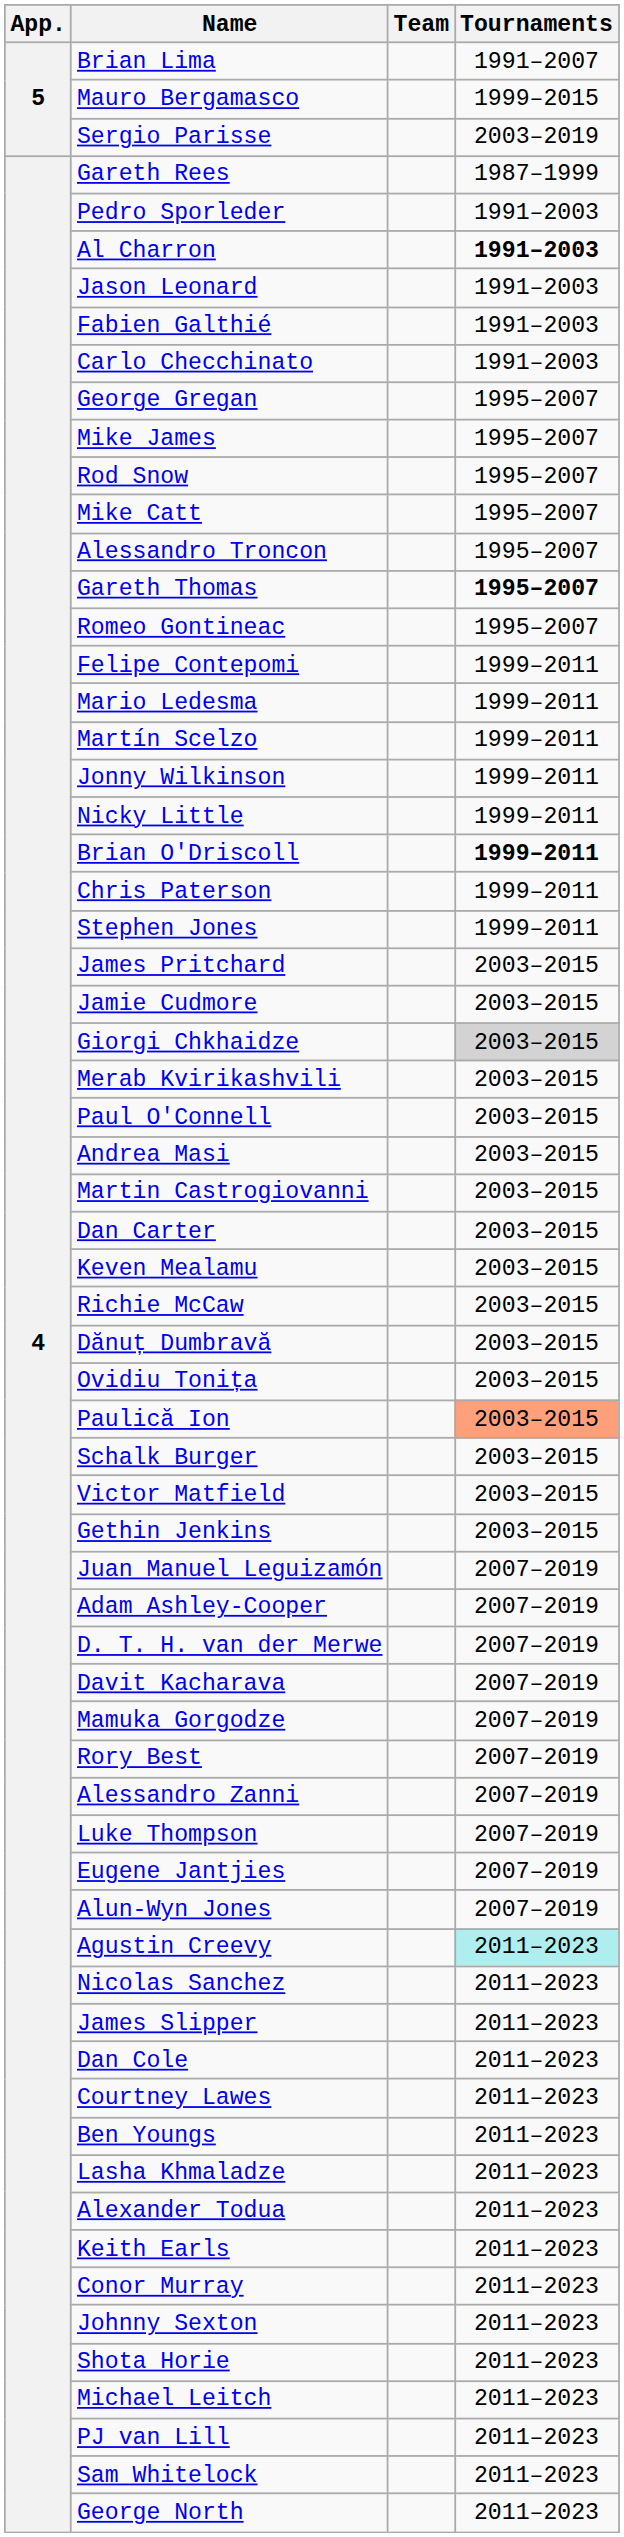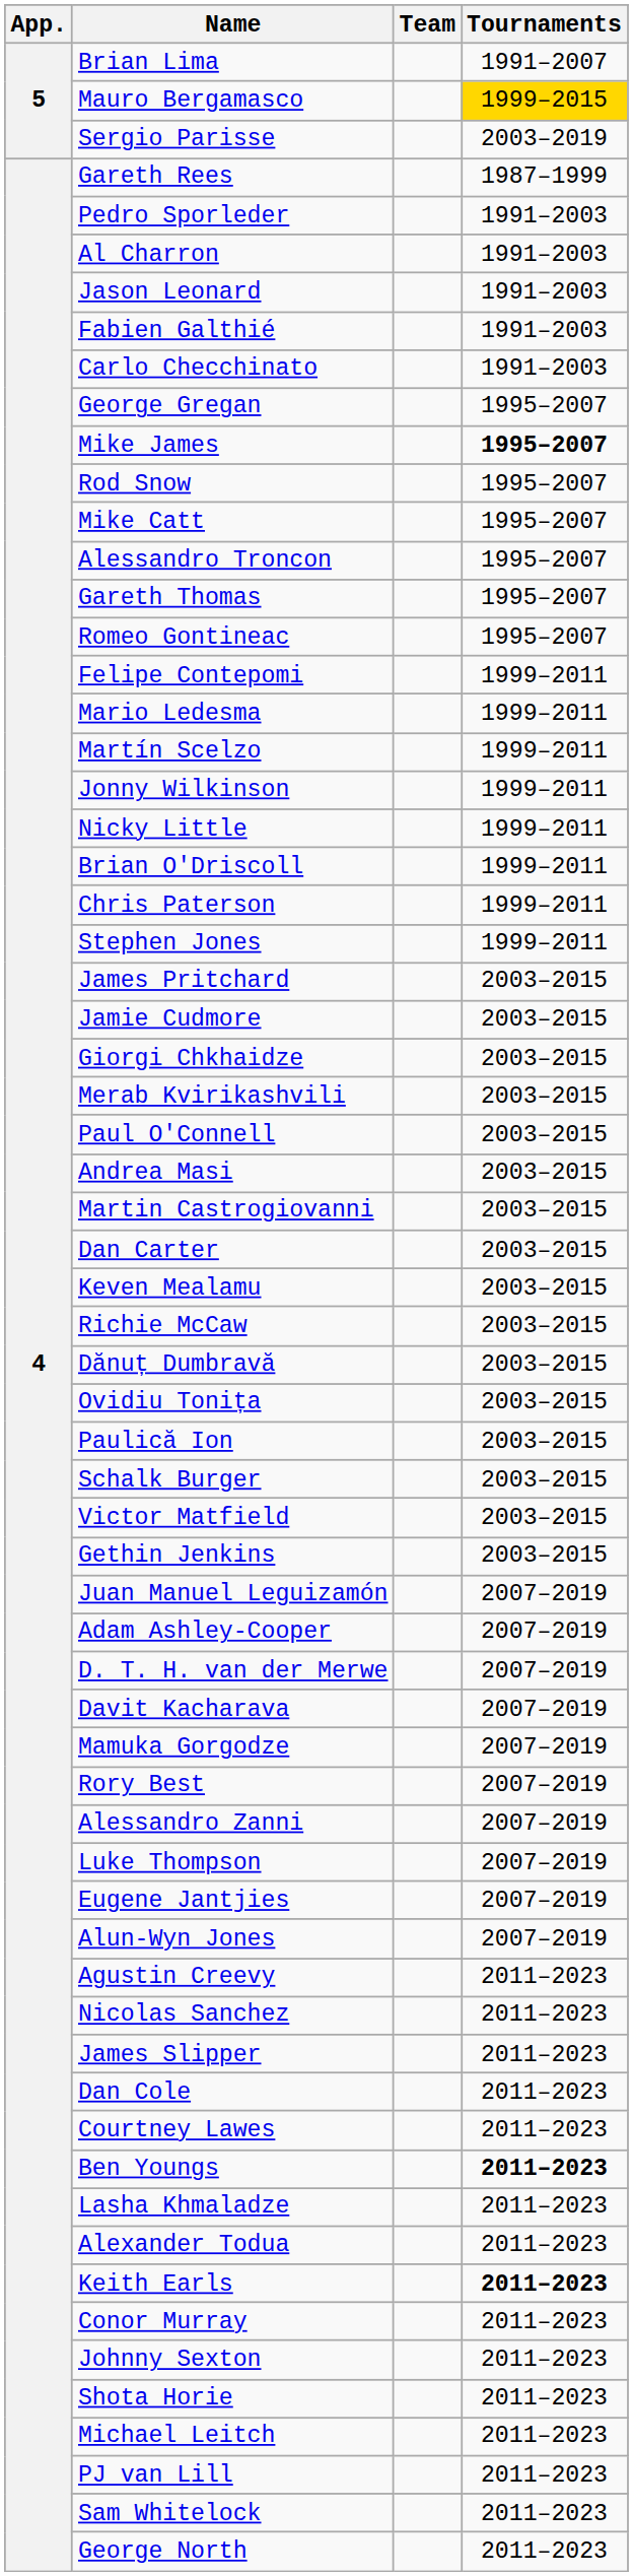 <table class="wikitable">
 <tr>
 <th>App.</th>
 <th>Name</th>
 <th>Team</th>
 <th>Tournaments</th>
 </tr>
 <tr>
 <th rowspan="3">5</th>
 <td><a href='#'>Brian Lima</a></td>
 <td></td>
 <td align=center>1991–2007</td>
 </tr>
 <tr>
 <td><a href='#'>Mauro Bergamasco</a></td>
 <td></td>
-<td align=center>1999–2015</td>
+<td align=center style="background: gold;">1999–2015</td>
 </tr>
 <tr>
 <td><a href='#'>Sergio Parisse</a></td>
 <td></td>
 <td align=center>2003–2019</td>
 </tr>
 <tr>
 <th rowspan="63">4</th>
 <td><a href='#'>Gareth Rees</a></td>
 <td></td>
 <td align=center>1987–1999</td>
 </tr>
 <tr>
 <td><a href='#'>Pedro Sporleder</a></td>
 <td></td>
 <td align=center>1991–2003</td>
 </tr>
 <tr>
 <td><a href='#'>Al Charron</a></td>
 <td></td>
-<td align=center><strong>1991–2003</strong></td>
+<td align=center>1991–2003</td>
 </tr>
 <tr>
 <td><a href='#'>Jason Leonard</a></td>
 <td></td>
 <td align=center>1991–2003</td>
 </tr>
 <tr>
 <td><a href='#'>Fabien Galthié</a></td>
 <td></td>
 <td align=center>1991–2003</td>
 </tr>
 <tr>
 <td><a href='#'>Carlo Checchinato</a></td>
 <td></td>
 <td align=center>1991–2003</td>
 </tr>
 <tr>
 <td><a href='#'>George Gregan</a></td>
 <td></td>
 <td align=center>1995–2007</td>
 </tr>
 <tr>
 <td><a href='#'>Mike James</a></td>
 <td></td>
-<td align=center>1995–2007</td>
+<td align=center><strong>1995–2007</strong></td>
 </tr>
 <tr>
 <td><a href='#'>Rod Snow</a></td>
 <td></td>
 <td align=center>1995–2007</td>
 </tr>
 <tr>
 <td><a href='#'>Mike Catt</a></td>
 <td></td>
 <td align=center>1995–2007</td>
 </tr>
 <tr>
 <td><a href='#'>Alessandro Troncon</a></td>
 <td></td>
 <td align=center>1995–2007</td>
 </tr>
 <tr>
 <td><a href='#'>Gareth Thomas</a></td>
 <td></td>
-<td align=center><strong>1995–2007</strong></td>
+<td align=center>1995–2007</td>
 </tr>
 <tr>
 <td><a href='#'>Romeo Gontineac</a></td>
 <td></td>
 <td align=center>1995–2007</td>
 </tr>
 <tr>
 <td><a href='#'>Felipe Contepomi</a></td>
 <td></td>
 <td align=center>1999–2011</td>
 </tr>
 <tr>
 <td><a href='#'>Mario Ledesma</a></td>
 <td></td>
 <td align=center>1999–2011</td>
 </tr>
 <tr>
 <td><a href='#'>Martín Scelzo</a></td>
 <td></td>
 <td align=center>1999–2011</td>
 </tr>
 <tr>
 <td><a href='#'>Jonny Wilkinson</a></td>
 <td></td>
 <td align=center>1999–2011</td>
 </tr>
 <tr>
 <td><a href='#'>Nicky Little</a></td>
 <td></td>
 <td align=center>1999–2011</td>
 </tr>
 <tr>
 <td><a href='#'>Brian O'Driscoll</a></td>
 <td></td>
-<td align=center><strong>1999–2011</strong></td>
+<td align=center>1999–2011</td>
 </tr>
 <tr>
 <td><a href='#'>Chris Paterson</a></td>
 <td></td>
 <td align=center>1999–2011</td>
 </tr>
 <tr>
 <td><a href='#'>Stephen Jones</a></td>
 <td></td>
 <td align=center>1999–2011</td>
 </tr>
 <tr>
 <td><a href='#'>James Pritchard</a></td>
 <td></td>
 <td align=center>2003–2015</td>
 </tr>
 <tr>
 <td><a href='#'>Jamie Cudmore</a></td>
 <td></td>
 <td align=center>2003–2015</td>
 </tr>
 <tr>
 <td><a href='#'>Giorgi Chkhaidze</a></td>
 <td></td>
-<td align=center style="background: lightgrey;">2003–2015</td>
+<td align=center>2003–2015</td>
 </tr>
 <tr>
 <td><a href='#'>Merab Kvirikashvili</a></td>
 <td></td>
 <td align=center>2003–2015</td>
 </tr>
 <tr>
 <td><a href='#'>Paul O'Connell</a></td>
 <td></td>
 <td align=center>2003–2015</td>
 </tr>
 <tr>
 <td><a href='#'>Andrea Masi</a></td>
 <td></td>
 <td align=center>2003–2015</td>
 </tr>
 <tr>
 <td><a href='#'>Martin Castrogiovanni</a></td>
 <td></td>
 <td align=center>2003–2015</td>
 </tr>
 <tr>
 <td><a href='#'>Dan Carter</a></td>
 <td></td>
 <td align=center>2003–2015</td>
 </tr>
 <tr>
 <td><a href='#'>Keven Mealamu</a></td>
 <td></td>
 <td align=center>2003–2015</td>
 </tr>
 <tr>
 <td><a href='#'>Richie McCaw</a></td>
 <td></td>
 <td align=center>2003–2015</td>
 </tr>
 <tr>
 <td><a href='#'>Dănuț Dumbravă</a></td>
 <td></td>
 <td align=center>2003–2015</td>
 </tr>
 <tr>
 <td><a href='#'>Ovidiu Tonița</a></td>
 <td></td>
 <td align=center>2003–2015</td>
 </tr>
 <tr>
 <td><a href='#'>Paulică Ion</a></td>
 <td></td>
-<td align=center style="background: lightsalmon;">2003–2015</td>
+<td align=center>2003–2015</td>
 </tr>
 <tr>
 <td><a href='#'>Schalk Burger</a></td>
 <td></td>
 <td align=center>2003–2015</td>
 </tr>
 <tr>
 <td><a href='#'>Victor Matfield</a></td>
 <td></td>
 <td align=center>2003–2015</td>
 </tr>
 <tr>
 <td><a href='#'>Gethin Jenkins</a></td>
 <td></td>
 <td align=center>2003–2015</td>
 </tr>
 <tr>
 <td><a href='#'>Juan Manuel Leguizamón</a></td>
 <td></td>
 <td align=center>2007–2019</td>
 </tr>
 <tr>
 <td><a href='#'>Adam Ashley-Cooper</a></td>
 <td></td>
 <td align=center>2007–2019</td>
 </tr>
 <tr>
 <td><a href='#'>D. T. H. van der Merwe</a></td>
 <td></td>
 <td align=center>2007–2019</td>
 </tr>
 <tr>
 <td><a href='#'>Davit Kacharava</a></td>
 <td></td>
 <td align=center>2007–2019</td>
 </tr>
 <tr>
 <td><a href='#'>Mamuka Gorgodze</a></td>
 <td></td>
 <td align=center>2007–2019</td>
 </tr>
 <tr>
 <td><a href='#'>Rory Best</a></td>
 <td></td>
 <td align=center>2007–2019</td>
 </tr>
 <tr>
 <td><a href='#'>Alessandro Zanni</a></td>
 <td></td>
 <td align=center>2007–2019</td>
 </tr>
 <tr>
 <td><a href='#'>Luke Thompson</a></td>
 <td></td>
 <td align=center>2007–2019</td>
 </tr>
 <tr>
 <td><a href='#'>Eugene Jantjies</a></td>
 <td></td>
 <td align=center>2007–2019</td>
 </tr>
 <tr>
 <td><a href='#'>Alun-Wyn Jones</a></td>
 <td></td>
 <td align=center>2007–2019</td>
 </tr>
 <tr>
 <td><a href='#'>Agustin Creevy</a></td>
 <td></td>
-<td align=center style="background: paleturquoise;">2011–2023</td>
+<td align=center>2011–2023</td>
 </tr>
 <tr>
 <td><a href='#'>Nicolas Sanchez</a></td>
 <td></td>
 <td align=center>2011–2023</td>
 </tr>
 <tr>
 <td><a href='#'>James Slipper</a></td>
 <td></td>
 <td align=center>2011–2023</td>
 </tr>
 <tr>
 <td><a href='#'>Dan Cole</a></td>
 <td></td>
 <td align=center>2011–2023</td>
 </tr>
 <tr>
 <td><a href='#'>Courtney Lawes</a></td>
 <td></td>
 <td align=center>2011–2023</td>
 </tr>
 <tr>
 <td><a href='#'>Ben Youngs</a></td>
 <td></td>
-<td align=center>2011–2023</td>
+<td align=center><strong>2011–2023</strong></td>
 </tr>
 <tr>
 <td><a href='#'>Lasha Khmaladze</a></td>
 <td></td>
 <td align=center>2011–2023</td>
 </tr>
 <tr>
 <td><a href='#'>Alexander Todua</a></td>
 <td></td>
 <td align=center>2011–2023</td>
 </tr>
 <tr>
 <td><a href='#'>Keith Earls</a></td>
 <td></td>
-<td align=center>2011–2023</td>
+<td align=center><strong>2011–2023</strong></td>
 </tr>
 <tr>
 <td><a href='#'>Conor Murray</a></td>
 <td></td>
 <td align=center>2011–2023</td>
 </tr>
 <tr>
 <td><a href='#'>Johnny Sexton</a></td>
 <td></td>
 <td align=center>2011–2023</td>
 </tr>
 <tr>
 <td><a href='#'>Shota Horie</a></td>
 <td></td>
 <td align=center>2011–2023</td>
 </tr>
 <tr>
 <td><a href='#'>Michael Leitch</a></td>
 <td></td>
 <td align=center>2011–2023</td>
 </tr>
 <tr>
 <td><a href='#'>PJ van Lill</a></td>
 <td></td>
 <td align=center>2011–2023</td>
 </tr>
 <tr>
 <td><a href='#'>Sam Whitelock</a></td>
 <td></td>
 <td align=center>2011–2023</td>
 </tr>
 <tr>
 <td><a href='#'>George North</a></td>
 <td></td>
 <td align=center>2011–2023</td>
 </tr>
 </table>
